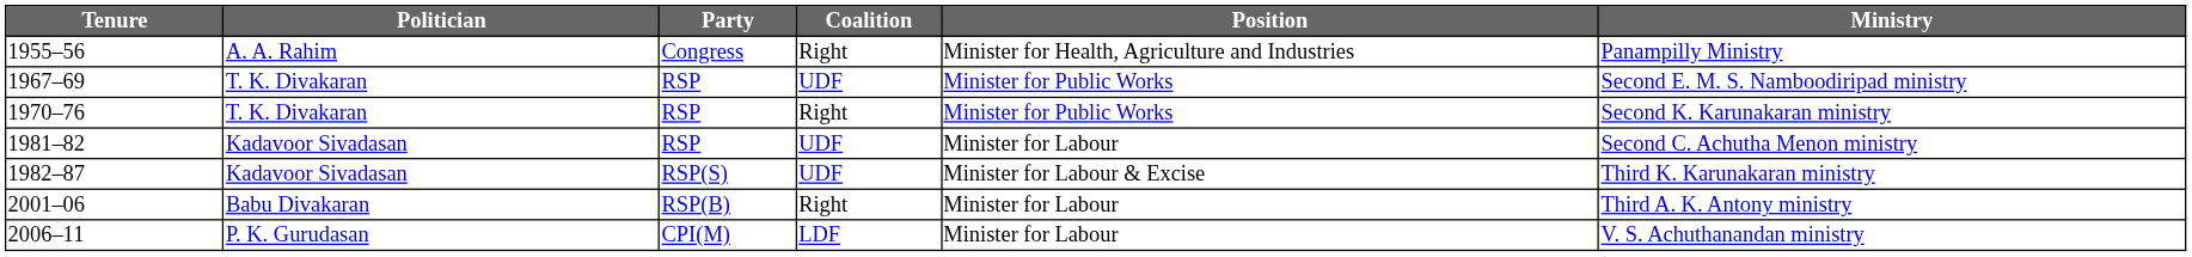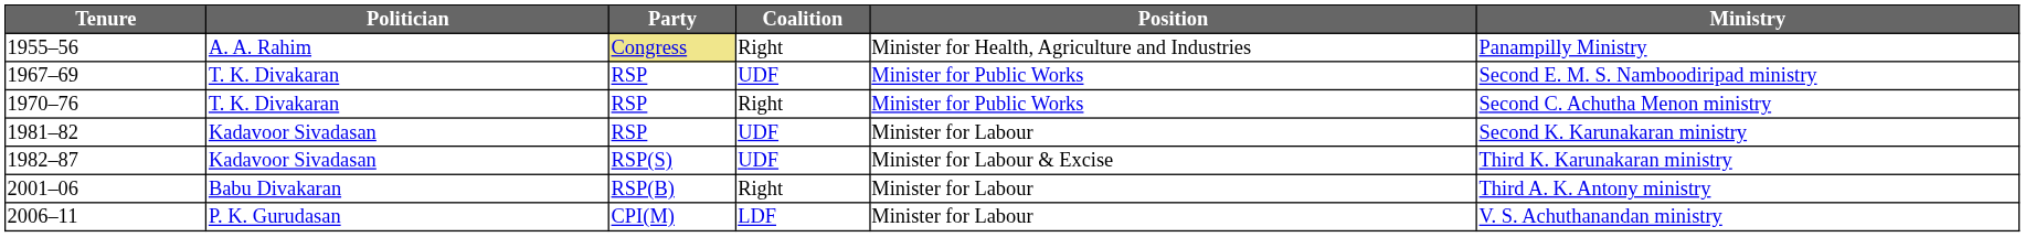 <table width="90%" cellpadding="1" cellspacing="0" border="1" style="border-collapse: collapse; border: 1px #000000 solid; font-size: 0.9em; font-family: verdana">
 <tr>
 <th width="10%"; style="background-color:#666666; color:white">Tenure</th>
 <th width="20%"; style="background-color:#666666; color:white">Politician</th>
 <th style="background-color:#666666; color:white">Party</th>
 <th style="background-color:#666666; color:white">Coalition</th>
 <th style="background-color:#666666; color:white">Position</th>
 <th style="background-color:#666666; color:white">Ministry</th>
 </tr>
 <tr --->
 <td>1955–56</td>
 <td><a href='#'>A. A. Rahim</a></td>
-<td><a href='#'>Congress</a></td>
+<td style="background: khaki;"><a href='#'>Congress</a></td>
 <td>Right</td>
 <td>Minister for Health, Agriculture and Industries</td>
 <td><a href='#'>Panampilly Ministry</a></td>
 </tr>
 <tr --->
 <td>1967–69</td>
 <td><a href='#'>T. K. Divakaran</a></td>
 <td><a href='#'>RSP</a></td>
 <td><a href='#'>UDF</a></td>
 <td><a href='#'>Minister for Public Works</a></td>
 <td><a href='#'>Second E. M. S. Namboodiripad ministry</a></td>
 </tr>
 <tr --->
 <td>1970–76</td>
 <td><a href='#'>T. K. Divakaran</a></td>
 <td><a href='#'>RSP</a></td>
 <td>Right</td>
 <td><a href='#'>Minister for Public Works</a></td>
-<td><a href='#'>Second K. Karunakaran ministry</a></td>
+<td><a href='#'>Second C. Achutha Menon ministry</a></td>
 </tr>
 <tr --->
 <td>1981–82</td>
 <td><a href='#'>Kadavoor Sivadasan</a></td>
 <td><a href='#'>RSP</a></td>
 <td><a href='#'>UDF</a></td>
 <td>Minister for Labour</td>
-<td><a href='#'>Second C. Achutha Menon ministry</a></td>
+<td><a href='#'>Second K. Karunakaran ministry</a></td>
 </tr>
 <tr --->
 <td>1982–87</td>
 <td><a href='#'>Kadavoor Sivadasan</a></td>
 <td><a href='#'>RSP(S)</a></td>
 <td><a href='#'>UDF</a></td>
 <td>Minister for Labour & Excise</td>
 <td><a href='#'>Third K. Karunakaran ministry</a></td>
 </tr>
 <tr --->
 <td>2001–06</td>
 <td><a href='#'>Babu Divakaran</a></td>
 <td><a href='#'>RSP(B)</a></td>
 <td>Right</td>
 <td>Minister for Labour</td>
 <td><a href='#'>Third A. K. Antony ministry</a></td>
 </tr>
 <tr --->
 <td>2006–11</td>
 <td><a href='#'>P. K. Gurudasan</a></td>
 <td><a href='#'>CPI(M)</a></td>
 <td><a href='#'>LDF</a></td>
 <td>Minister for Labour</td>
 <td><a href='#'>V. S. Achuthanandan ministry</a></td>
 </tr>
 </table>
